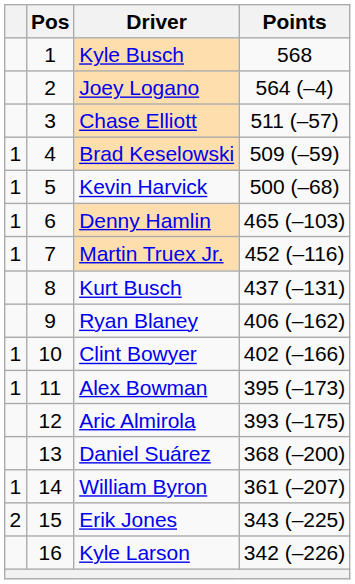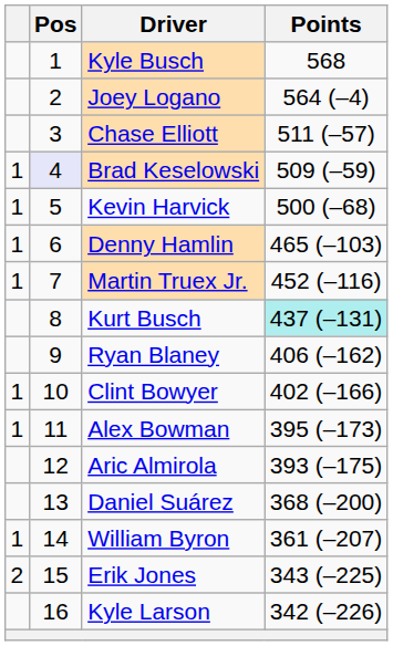 <table class="wikitable" style="font-size: 95%">
 <tr>
 <th></th>
 <th>Pos</th>
 <th>Driver</th>
 <th>Points</th>
 </tr>
 <tr>
 <td align="left"></td>
 <td style="text-align:center;">1</td>
 <td style="background:#FFDEAD;"><a href='#'>Kyle Busch</a></td>
 <td style="text-align:center;">568</td>
 </tr>
 <tr>
 <td align="left"></td>
 <td style="text-align:center;">2</td>
 <td style="background:#FFDEAD;"><a href='#'>Joey Logano</a></td>
 <td style="text-align:center;">564 (–4)</td>
 </tr>
 <tr>
 <td align="left"></td>
 <td style="text-align:center;">3</td>
 <td style="background:#FFDEAD;"><a href='#'>Chase Elliott</a></td>
 <td style="text-align:center;">511 (–57)</td>
 </tr>
 <tr>
 <td align="left"> 1</td>
-<td style="text-align:center;">4</td>
+<td style="background: lavender; text-align:center;">4</td>
 <td style="background:#FFDEAD;"><a href='#'>Brad Keselowski</a></td>
 <td style="text-align:center;">509 (–59)</td>
 </tr>
 <tr>
 <td align="left"> 1</td>
 <td style="text-align:center;">5</td>
 <td><a href='#'>Kevin Harvick</a></td>
 <td style="text-align:center;">500 (–68)</td>
 </tr>
 <tr>
 <td align="left"> 1</td>
 <td style="text-align:center;">6</td>
 <td style="background:#FFDEAD;"><a href='#'>Denny Hamlin</a></td>
 <td style="text-align:center;">465 (–103)</td>
 </tr>
 <tr>
 <td align="left"> 1</td>
 <td style="text-align:center;">7</td>
 <td style="background:#FFDEAD;"><a href='#'>Martin Truex Jr.</a></td>
 <td style="text-align:center;">452 (–116)</td>
 </tr>
 <tr>
 <td align="left"></td>
 <td style="text-align:center;">8</td>
 <td><a href='#'>Kurt Busch</a></td>
-<td style="text-align:center;">437 (–131)</td>
+<td style="background: paleturquoise; text-align:center;">437 (–131)</td>
 </tr>
 <tr>
 <td align="left"></td>
 <td style="text-align:center;">9</td>
 <td><a href='#'>Ryan Blaney</a></td>
 <td style="text-align:center;">406 (–162)</td>
 </tr>
 <tr>
 <td align="left"> 1</td>
 <td style="text-align:center;">10</td>
 <td><a href='#'>Clint Bowyer</a></td>
 <td style="text-align:center;">402 (–166)</td>
 </tr>
 <tr>
 <td align="left"> 1</td>
 <td style="text-align:center;">11</td>
 <td><a href='#'>Alex Bowman</a></td>
 <td style="text-align:center;">395 (–173)</td>
 </tr>
 <tr>
 <td align="left"></td>
 <td style="text-align:center;">12</td>
 <td><a href='#'>Aric Almirola</a></td>
 <td style="text-align:center;">393 (–175)</td>
 </tr>
 <tr>
 <td align="left"></td>
 <td style="text-align:center;">13</td>
 <td><a href='#'>Daniel Suárez</a></td>
 <td style="text-align:center;">368 (–200)</td>
 </tr>
 <tr>
 <td align="left"> 1</td>
 <td style="text-align:center;">14</td>
 <td><a href='#'>William Byron</a></td>
 <td style="text-align:center;">361 (–207)</td>
 </tr>
 <tr>
 <td align="left"> 2</td>
 <td style="text-align:center;">15</td>
 <td><a href='#'>Erik Jones</a></td>
 <td style="text-align:center;">343 (–225)</td>
 </tr>
 <tr>
 <td align="left"></td>
 <td style="text-align:center;">16</td>
 <td><a href='#'>Kyle Larson</a></td>
 <td style="text-align:center;">342 (–226)</td>
 </tr>
 <tr class="sortbottom">
 <th colspan="9"></th>
 </tr>
 </table>
